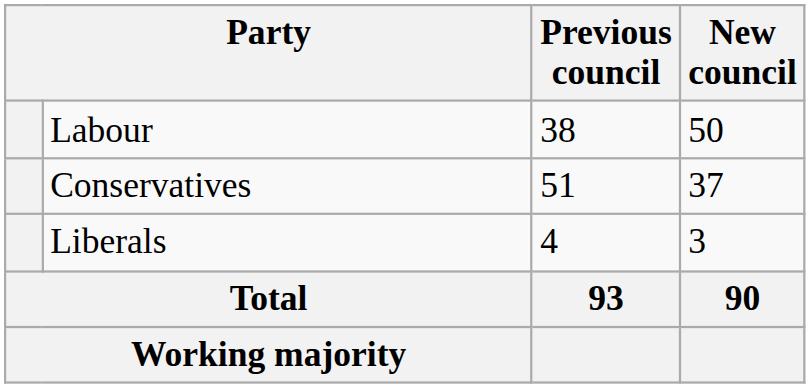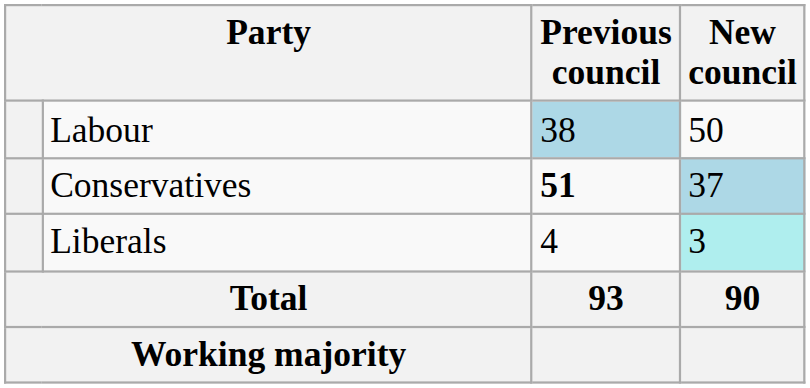 <table class="wikitable">
 <tr>
 <th valign=top colspan="2" style="width: 230px">Party</th>
 <th valign=top style="width: 30px">Previous council</th>
 <th valign=top style="width: 30px">New council</th>
 </tr>
 <tr>
 <th style="background-color: "></th>
 <td>Labour</td>
-<td>38</td>
+<td style="background: lightblue;">38</td>
 <td>50</td>
 </tr>
 <tr>
 <th style="background-color: "></th>
 <td>Conservatives</td>
-<td>51</td>
-<td>37</td>
+<td><strong>51</strong></td>
+<td style="background: lightblue;">37</td>
 </tr>
 <tr>
 <th style="background-color: "></th>
 <td>Liberals</td>
 <td>4</td>
-<td>3</td>
+<td style="background: paleturquoise;">3</td>
 </tr>
 <tr>
 <th colspan=2>Total</th>
 <th style="text-align: center">93</th>
 <th colspan=3>90</th>
 </tr>
 <tr>
 <th colspan=2>Working majority</th>
 <th></th>
 <th></th>
 </tr>
 </table>
